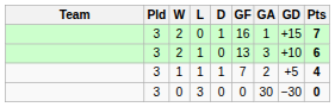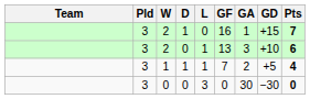 <table class="wikitable" style="text-align:center;">
 <tr>
 <th width=175>Team</th>
 <th width=20 abbr="Played">Pld</th>
 <th width=20 abbr="Won">W</th>
+<th width=20 abbr="Drawn">D</th>
 <th width=20 abbr="Lost">L</th>
-<th width=20 abbr="Drawn">D</th>
 <th width=20 abbr="Goals for">GF</th>
 <th width=20 abbr="Goals against">GA</th>
 <th width=20 abbr="Goal difference">GD</th>
 <th width=20 abbr="Points">Pts</th>
 </tr>
 <tr bgcolor=#ccffcc>
 <td align=left></td>
 <td>3</td>
 <td>2</td>
+<td>1</td>
 <td>0</td>
-<td>1</td>
 <td>16</td>
 <td>1</td>
 <td>+15</td>
 <td><strong>7</strong></td>
 </tr>
 <tr bgcolor=#ccffcc>
 <td align=left></td>
 <td>3</td>
 <td>2</td>
+<td>0</td>
 <td>1</td>
-<td>0</td>
 <td>13</td>
 <td>3</td>
 <td>+10</td>
 <td><strong>6</strong></td>
 </tr>
 <tr>
 <td align=left></td>
 <td>3</td>
 <td>1</td>
 <td>1</td>
 <td>1</td>
 <td>7</td>
 <td>2</td>
 <td>+5</td>
 <td><strong>4</strong></td>
 </tr>
 <tr>
 <td align=left></td>
 <td>3</td>
 <td>0</td>
+<td>0</td>
 <td>3</td>
-<td>0</td>
 <td>0</td>
 <td>30</td>
 <td>−30</td>
 <td><strong>0</strong></td>
 </tr>
 </table>
